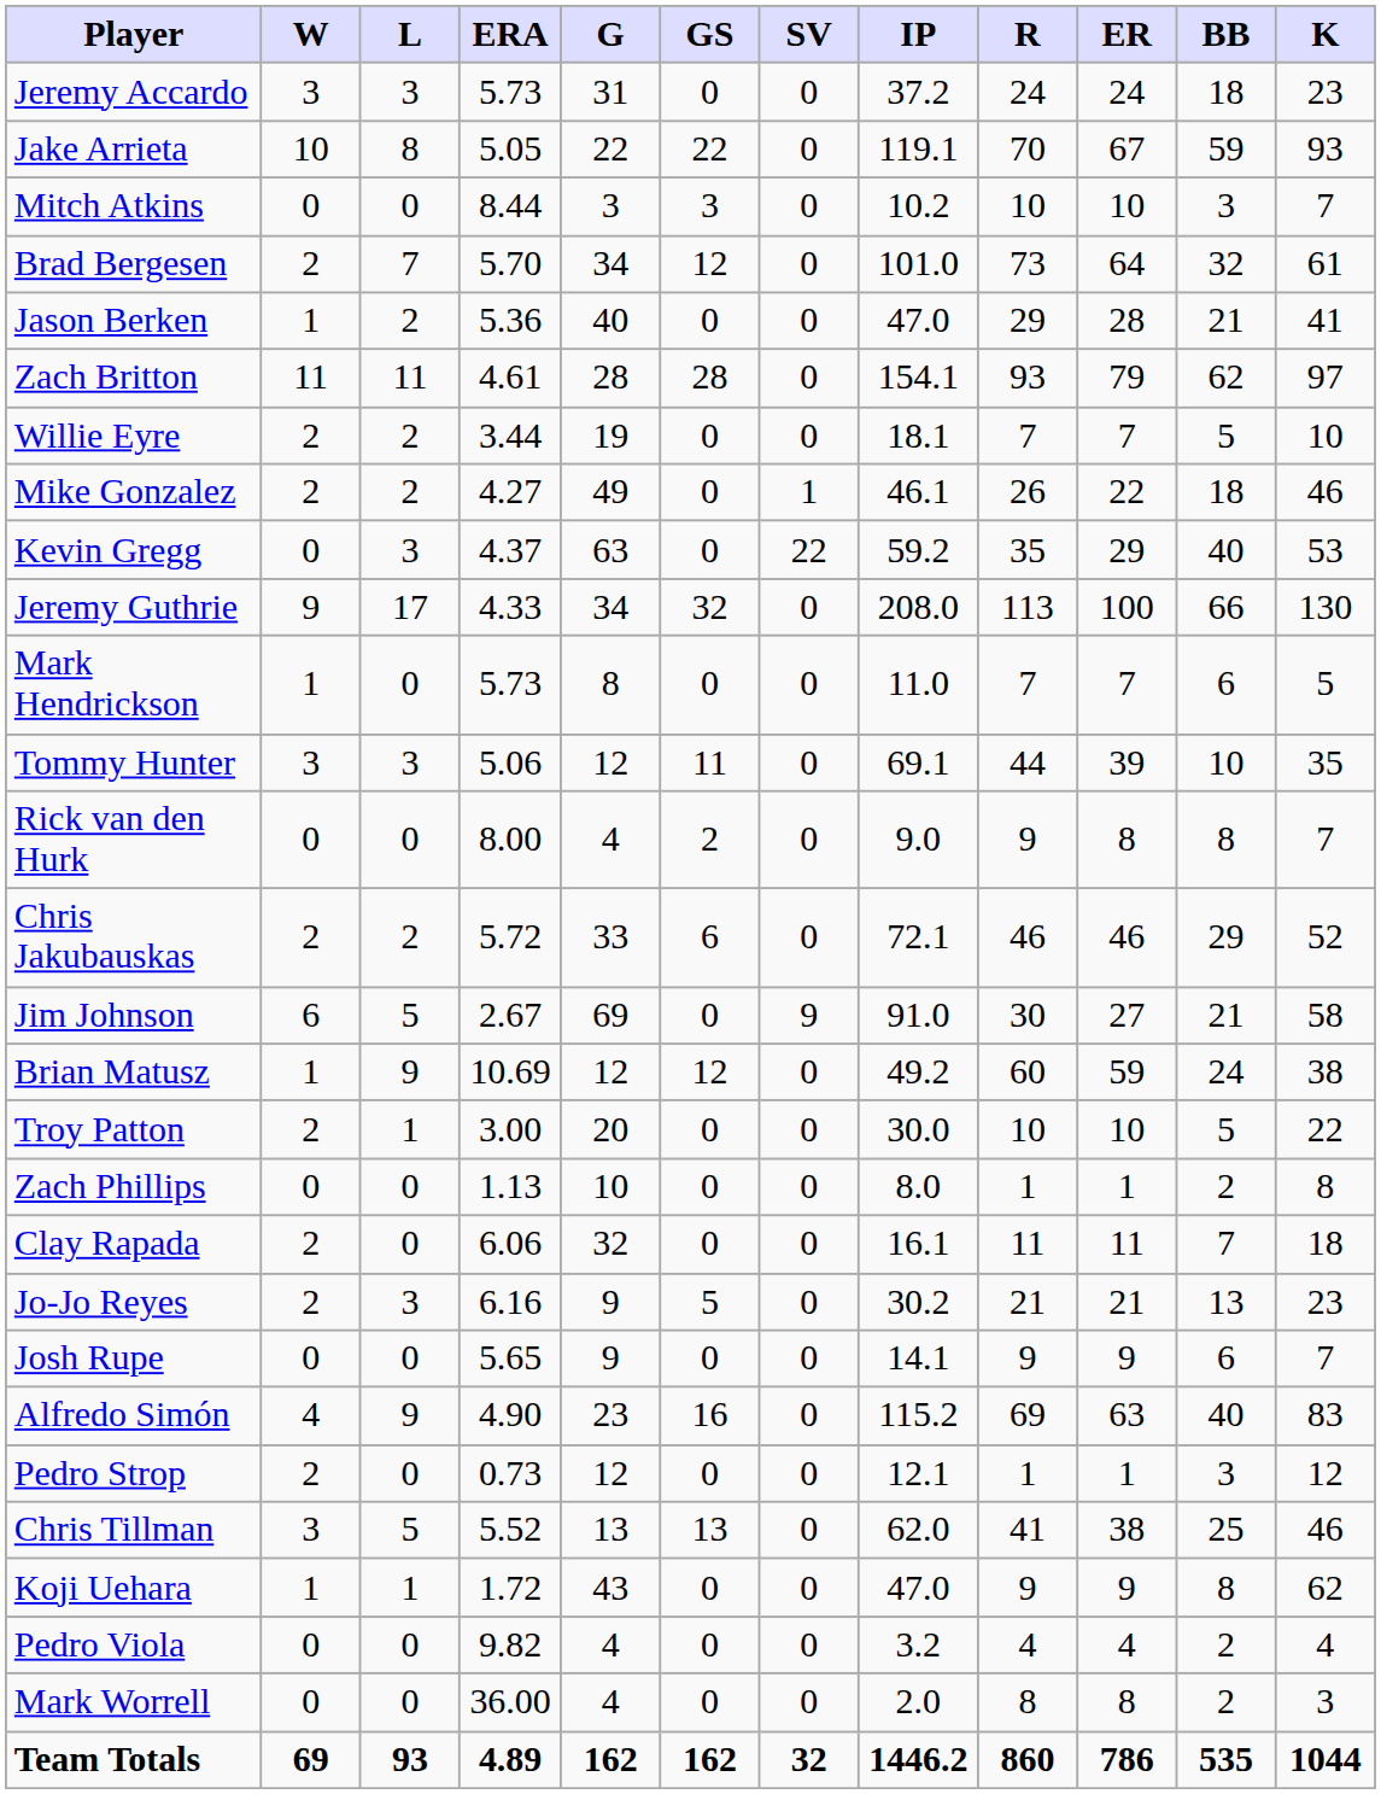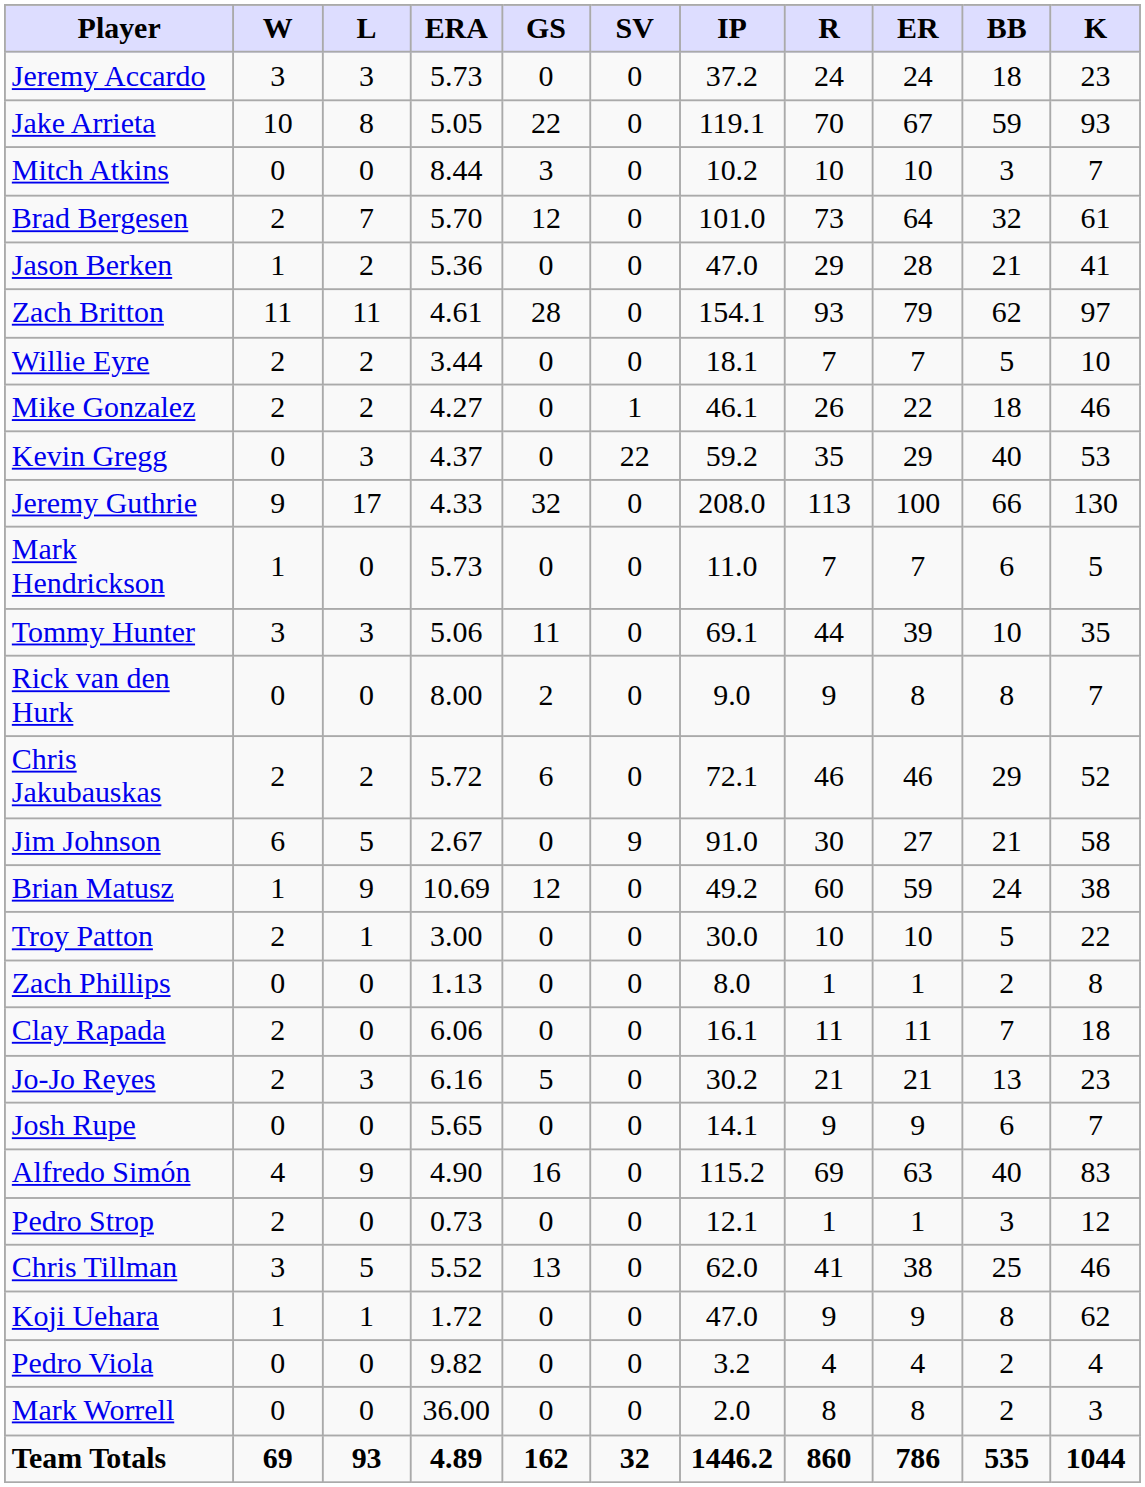 <table class="wikitable sortable" style="text-align:center">
 <tr>
 <th style="background:#ddf; width:18%;">Player</th>
 <th style="background:#ddf; width:7%;">W</th>
 <th style="background:#ddf; width:7%;">L</th>
 <th style="background:#ddf; width:7%;">ERA</th>
-<th style="background:#ddf; width:7%;">G</th>
 <th style="background:#ddf; width:7%;">GS</th>
 <th style="background:#ddf; width:7%;">SV</th>
 <th style="background:#ddf; width:7%;">IP</th>
 <th style="background:#ddf; width:7%;">R</th>
 <th style="background:#ddf; width:7%;">ER</th>
 <th style="background:#ddf; width:7%;">BB</th>
 <th style="background:#ddf; width:7%;">K</th>
 </tr>
 <tr>
 <td style="text-align:left"><a href='#'>Jeremy Accardo</a></td>
 <td>3</td>
 <td>3</td>
 <td>5.73</td>
-<td>31</td>
 <td>0</td>
 <td>0</td>
 <td>37.2</td>
 <td>24</td>
 <td>24</td>
 <td>18</td>
 <td>23</td>
 </tr>
 <tr>
 <td style="text-align:left"><a href='#'>Jake Arrieta</a></td>
 <td>10</td>
 <td>8</td>
 <td>5.05</td>
 <td>22</td>
-<td>22</td>
 <td>0</td>
 <td>119.1</td>
 <td>70</td>
 <td>67</td>
 <td>59</td>
 <td>93</td>
 </tr>
 <tr>
 <td style="text-align:left"><a href='#'>Mitch Atkins</a></td>
 <td>0</td>
 <td>0</td>
 <td>8.44</td>
 <td>3</td>
-<td>3</td>
 <td>0</td>
 <td>10.2</td>
 <td>10</td>
 <td>10</td>
 <td>3</td>
 <td>7</td>
 </tr>
 <tr>
 <td style="text-align:left"><a href='#'>Brad Bergesen</a></td>
 <td>2</td>
 <td>7</td>
 <td>5.70</td>
-<td>34</td>
 <td>12</td>
 <td>0</td>
 <td>101.0</td>
 <td>73</td>
 <td>64</td>
 <td>32</td>
 <td>61</td>
 </tr>
 <tr>
 <td style="text-align:left"><a href='#'>Jason Berken</a></td>
 <td>1</td>
 <td>2</td>
 <td>5.36</td>
-<td>40</td>
 <td>0</td>
 <td>0</td>
 <td>47.0</td>
 <td>29</td>
 <td>28</td>
 <td>21</td>
 <td>41</td>
 </tr>
 <tr>
 <td style="text-align:left"><a href='#'>Zach Britton</a></td>
 <td>11</td>
 <td>11</td>
 <td>4.61</td>
 <td>28</td>
-<td>28</td>
 <td>0</td>
 <td>154.1</td>
 <td>93</td>
 <td>79</td>
 <td>62</td>
 <td>97</td>
 </tr>
 <tr>
 <td style="text-align:left"><a href='#'>Willie Eyre</a></td>
 <td>2</td>
 <td>2</td>
 <td>3.44</td>
-<td>19</td>
 <td>0</td>
 <td>0</td>
 <td>18.1</td>
 <td>7</td>
 <td>7</td>
 <td>5</td>
 <td>10</td>
 </tr>
 <tr>
 <td style="text-align:left"><a href='#'>Mike Gonzalez</a></td>
 <td>2</td>
 <td>2</td>
 <td>4.27</td>
-<td>49</td>
 <td>0</td>
 <td>1</td>
 <td>46.1</td>
 <td>26</td>
 <td>22</td>
 <td>18</td>
 <td>46</td>
 </tr>
 <tr>
 <td style="text-align:left"><a href='#'>Kevin Gregg</a></td>
 <td>0</td>
 <td>3</td>
 <td>4.37</td>
-<td>63</td>
 <td>0</td>
 <td>22</td>
 <td>59.2</td>
 <td>35</td>
 <td>29</td>
 <td>40</td>
 <td>53</td>
 </tr>
 <tr>
 <td style="text-align:left"><a href='#'>Jeremy Guthrie</a></td>
 <td>9</td>
 <td>17</td>
 <td>4.33</td>
-<td>34</td>
 <td>32</td>
 <td>0</td>
 <td>208.0</td>
 <td>113</td>
 <td>100</td>
 <td>66</td>
 <td>130</td>
 </tr>
 <tr>
 <td style="text-align:left"><a href='#'>Mark Hendrickson</a></td>
 <td>1</td>
 <td>0</td>
 <td>5.73</td>
-<td>8</td>
 <td>0</td>
 <td>0</td>
 <td>11.0</td>
 <td>7</td>
 <td>7</td>
 <td>6</td>
 <td>5</td>
 </tr>
 <tr>
 <td style="text-align:left"><a href='#'>Tommy Hunter</a></td>
 <td>3</td>
 <td>3</td>
 <td>5.06</td>
-<td>12</td>
 <td>11</td>
 <td>0</td>
 <td>69.1</td>
 <td>44</td>
 <td>39</td>
 <td>10</td>
 <td>35</td>
 </tr>
 <tr>
 <td style="text-align:left"><a href='#'>Rick van den Hurk</a></td>
 <td>0</td>
 <td>0</td>
 <td>8.00</td>
-<td>4</td>
 <td>2</td>
 <td>0</td>
 <td>9.0</td>
 <td>9</td>
 <td>8</td>
 <td>8</td>
 <td>7</td>
 </tr>
 <tr>
 <td style="text-align:left"><a href='#'>Chris Jakubauskas</a></td>
 <td>2</td>
 <td>2</td>
 <td>5.72</td>
-<td>33</td>
 <td>6</td>
 <td>0</td>
 <td>72.1</td>
 <td>46</td>
 <td>46</td>
 <td>29</td>
 <td>52</td>
 </tr>
 <tr>
 <td style="text-align:left"><a href='#'>Jim Johnson</a></td>
 <td>6</td>
 <td>5</td>
 <td>2.67</td>
-<td>69</td>
 <td>0</td>
 <td>9</td>
 <td>91.0</td>
 <td>30</td>
 <td>27</td>
 <td>21</td>
 <td>58</td>
 </tr>
 <tr>
 <td style="text-align:left"><a href='#'>Brian Matusz</a></td>
 <td>1</td>
 <td>9</td>
 <td>10.69</td>
 <td>12</td>
-<td>12</td>
 <td>0</td>
 <td>49.2</td>
 <td>60</td>
 <td>59</td>
 <td>24</td>
 <td>38</td>
 </tr>
 <tr>
 <td style="text-align:left"><a href='#'>Troy Patton</a></td>
 <td>2</td>
 <td>1</td>
 <td>3.00</td>
-<td>20</td>
 <td>0</td>
 <td>0</td>
 <td>30.0</td>
 <td>10</td>
 <td>10</td>
 <td>5</td>
 <td>22</td>
 </tr>
 <tr>
 <td style="text-align:left"><a href='#'>Zach Phillips</a></td>
 <td>0</td>
 <td>0</td>
 <td>1.13</td>
-<td>10</td>
 <td>0</td>
 <td>0</td>
 <td>8.0</td>
 <td>1</td>
 <td>1</td>
 <td>2</td>
 <td>8</td>
 </tr>
 <tr>
 <td style="text-align:left"><a href='#'>Clay Rapada</a></td>
 <td>2</td>
 <td>0</td>
 <td>6.06</td>
-<td>32</td>
 <td>0</td>
 <td>0</td>
 <td>16.1</td>
 <td>11</td>
 <td>11</td>
 <td>7</td>
 <td>18</td>
 </tr>
 <tr>
 <td style="text-align:left"><a href='#'>Jo-Jo Reyes</a></td>
 <td>2</td>
 <td>3</td>
 <td>6.16</td>
-<td>9</td>
 <td>5</td>
 <td>0</td>
 <td>30.2</td>
 <td>21</td>
 <td>21</td>
 <td>13</td>
 <td>23</td>
 </tr>
 <tr>
 <td style="text-align:left"><a href='#'>Josh Rupe</a></td>
 <td>0</td>
 <td>0</td>
 <td>5.65</td>
-<td>9</td>
 <td>0</td>
 <td>0</td>
 <td>14.1</td>
 <td>9</td>
 <td>9</td>
 <td>6</td>
 <td>7</td>
 </tr>
 <tr>
 <td style="text-align:left"><a href='#'>Alfredo Simón</a></td>
 <td>4</td>
 <td>9</td>
 <td>4.90</td>
-<td>23</td>
 <td>16</td>
 <td>0</td>
 <td>115.2</td>
 <td>69</td>
 <td>63</td>
 <td>40</td>
 <td>83</td>
 </tr>
 <tr>
 <td style="text-align:left"><a href='#'>Pedro Strop</a></td>
 <td>2</td>
 <td>0</td>
 <td>0.73</td>
-<td>12</td>
 <td>0</td>
 <td>0</td>
 <td>12.1</td>
 <td>1</td>
 <td>1</td>
 <td>3</td>
 <td>12</td>
 </tr>
 <tr>
 <td style="text-align:left"><a href='#'>Chris Tillman</a></td>
 <td>3</td>
 <td>5</td>
 <td>5.52</td>
 <td>13</td>
-<td>13</td>
 <td>0</td>
 <td>62.0</td>
 <td>41</td>
 <td>38</td>
 <td>25</td>
 <td>46</td>
 </tr>
 <tr>
 <td style="text-align:left"><a href='#'>Koji Uehara</a></td>
 <td>1</td>
 <td>1</td>
 <td>1.72</td>
-<td>43</td>
 <td>0</td>
 <td>0</td>
 <td>47.0</td>
 <td>9</td>
 <td>9</td>
 <td>8</td>
 <td>62</td>
 </tr>
 <tr>
 <td style="text-align:left"><a href='#'>Pedro Viola</a></td>
 <td>0</td>
 <td>0</td>
 <td>9.82</td>
-<td>4</td>
 <td>0</td>
 <td>0</td>
 <td>3.2</td>
 <td>4</td>
 <td>4</td>
 <td>2</td>
 <td>4</td>
 </tr>
 <tr>
 <td style="text-align:left"><a href='#'>Mark Worrell</a></td>
 <td>0</td>
 <td>0</td>
 <td>36.00</td>
-<td>4</td>
 <td>0</td>
 <td>0</td>
 <td>2.0</td>
 <td>8</td>
 <td>8</td>
 <td>2</td>
 <td>3</td>
 </tr>
 <tr>
 <td style="text-align:left"><strong>Team Totals</strong></td>
 <td><strong>69</strong></td>
 <td><strong>93</strong></td>
 <td><strong>4.89</strong></td>
 <td><strong>162</strong></td>
-<td><strong>162</strong></td>
 <td><strong>32</strong></td>
 <td><strong>1446.2</strong></td>
 <td><strong>860</strong></td>
 <td><strong>786</strong></td>
 <td><strong>535</strong></td>
 <td><strong>1044</strong></td>
 </tr>
 </table>
